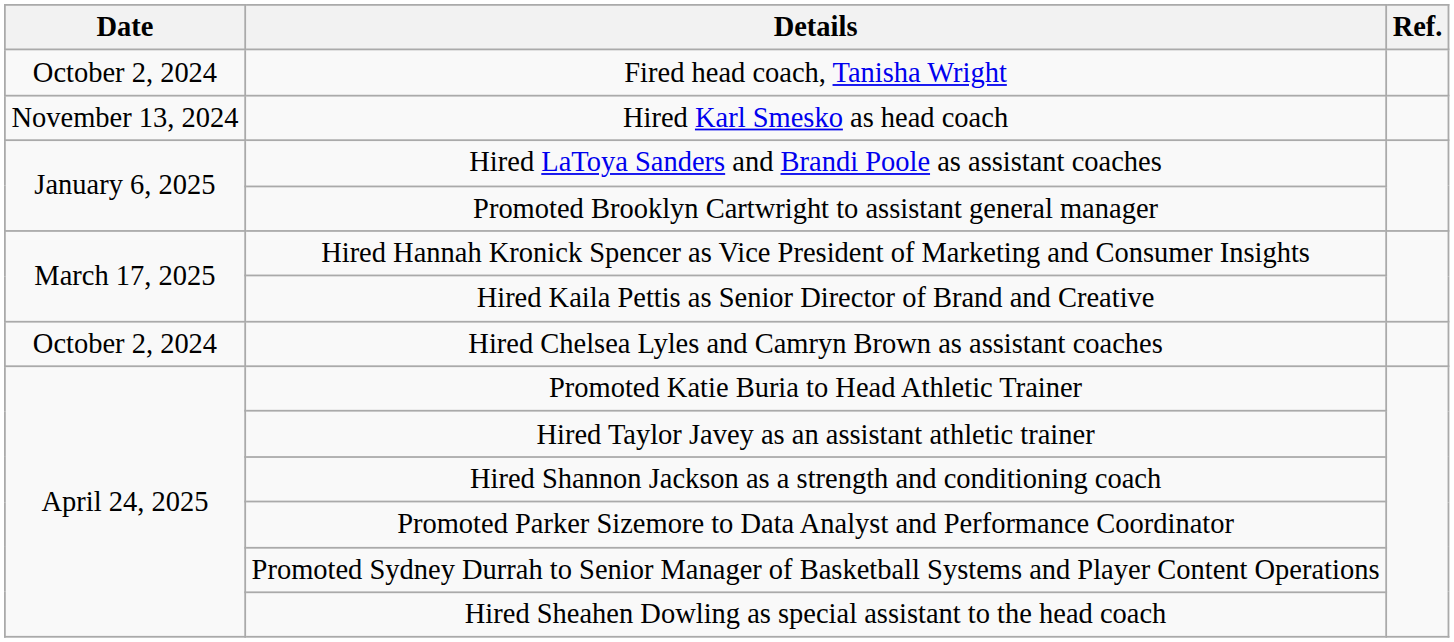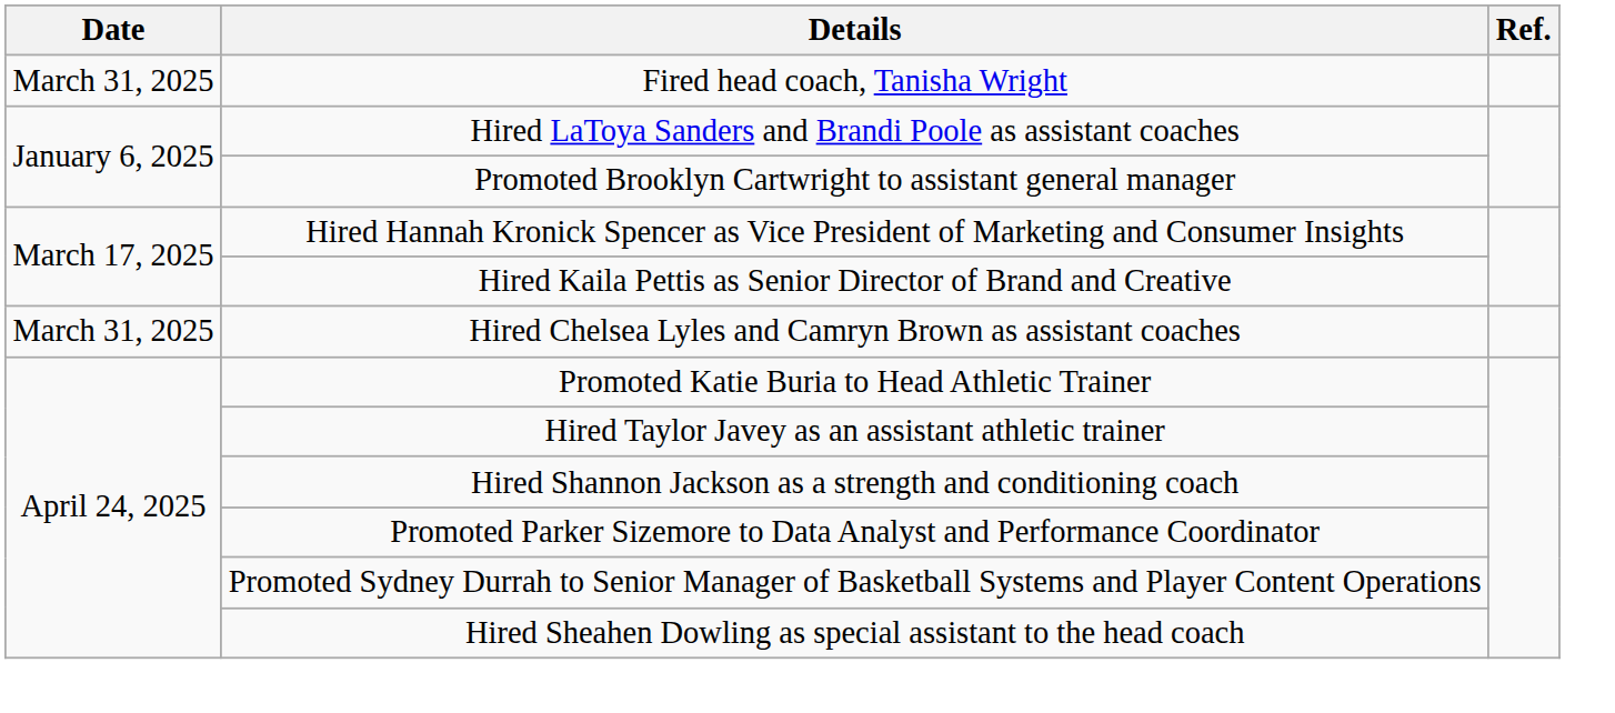 <table class="wikitable sortable sortable" style="text-align: center">
 <tr>
 <th>Date</th>
 <th>Details</th>
 <th>Ref.</th>
 </tr>
 <tr>
-<td>October 2, 2024</td>
+<td>March 31, 2025</td>
 <td>Fired head coach, <a href='#'>Tanisha Wright</a></td>
-<td></td>
-</tr>
-<tr>
-<td>November 13, 2024</td>
-<td>Hired <a href='#'>Karl Smesko</a> as head coach</td>
 <td></td>
 </tr>
 <tr>
 <td rowspan=2>January 6, 2025</td>
 <td>Hired <a href='#'>LaToya Sanders</a> and <a href='#'>Brandi Poole</a> as assistant coaches</td>
 <td rowspan=2></td>
 </tr>
 <tr>
 <td>Promoted Brooklyn Cartwright to assistant general manager</td>
 </tr>
 <tr>
 <td rowspan=2>March 17, 2025</td>
 <td>Hired Hannah Kronick Spencer as Vice President of Marketing and Consumer Insights</td>
 <td rowspan=2></td>
 </tr>
 <tr>
 <td>Hired Kaila Pettis as Senior Director of Brand and Creative</td>
 </tr>
 <tr>
-<td>October 2, 2024</td>
+<td>March 31, 2025</td>
 <td>Hired Chelsea Lyles and Camryn Brown as assistant coaches</td>
 <td></td>
 </tr>
 <tr>
 <td rowspan=6>April 24, 2025</td>
 <td>Promoted Katie Buria to Head Athletic Trainer</td>
 <td rowspan=6></td>
 </tr>
 <tr>
 <td>Hired Taylor Javey as an assistant athletic trainer</td>
 </tr>
 <tr>
 <td>Hired Shannon Jackson as a strength and conditioning coach</td>
 </tr>
 <tr>
 <td>Promoted Parker Sizemore to Data Analyst and Performance Coordinator</td>
 </tr>
 <tr>
 <td>Promoted Sydney Durrah to Senior Manager of Basketball Systems and Player Content Operations</td>
 </tr>
 <tr>
 <td>Hired Sheahen Dowling as special assistant to the head coach</td>
 </tr>
 </table>
